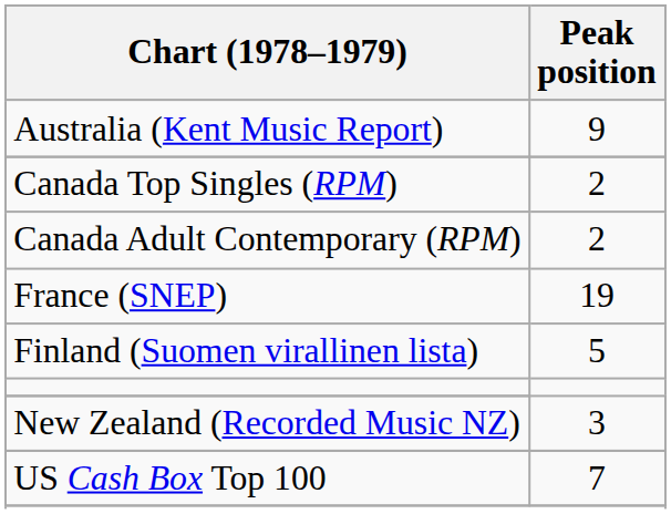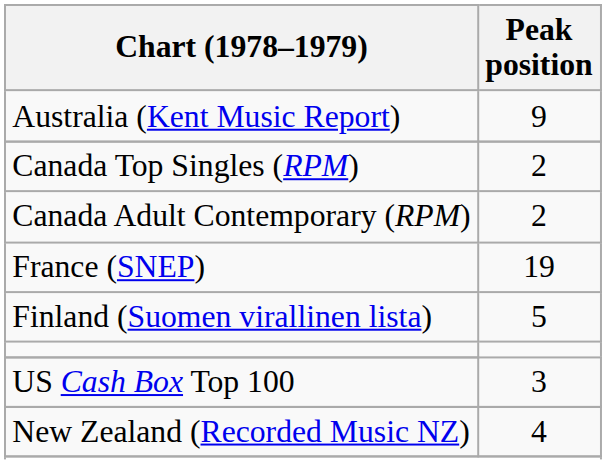 <table class="wikitable sortable">
 <tr>
 <th align="left">Chart (1978–1979)</th>
 <th align="left">Peak<br>position</th>
 </tr>
 <tr>
 <td>Australia (<a href='#'>Kent Music Report</a>)</td>
 <td style="text-align:center;">9</td>
 </tr>
 <tr>
 </tr>
 <tr>
 <td align="left">Canada Top Singles (<em><a href='#'>RPM</a></em>)</td>
 <td style="text-align:center;">2</td>
 </tr>
 <tr>
 <td align="left">Canada Adult Contemporary (<em>RPM</em>)</td>
 <td style="text-align:center;">2</td>
 </tr>
 <tr>
 <td align="left">France (<a href='#'>SNEP</a>)</td>
 <td style="text-align:center;">19</td>
 </tr>
 <tr>
 <td align="left">Finland (<a href='#'>Suomen virallinen lista</a>)</td>
 <td style="text-align:center;">5</td>
 </tr>
 <tr>
 <td></td>
 </tr>
 <tr>
 </tr>
 <tr>
 </tr>
 <tr>
-<td>New Zealand (<a href='#'>Recorded Music NZ</a>)</td>
+<td align="left">US <em><a href='#'>Cash Box</a></em> Top 100</td>
 <td align="center">3</td>
 </tr>
 <tr>
 </tr>
 <tr>
 </tr>
 <tr>
 </tr>
 <tr>
 </tr>
 <tr>
 </tr>
 <tr>
 </tr>
 <tr>
-<td align="left">US <em><a href='#'>Cash Box</a></em> Top 100</td>
-<td style="text-align:center;">7</td>
+<td>New Zealand (<a href='#'>Recorded Music NZ</a>)</td>
+<td style="text-align:center;">4</td>
 </tr>
 <tr>
 </tr>
 <tr>
 </tr>
 </table>
